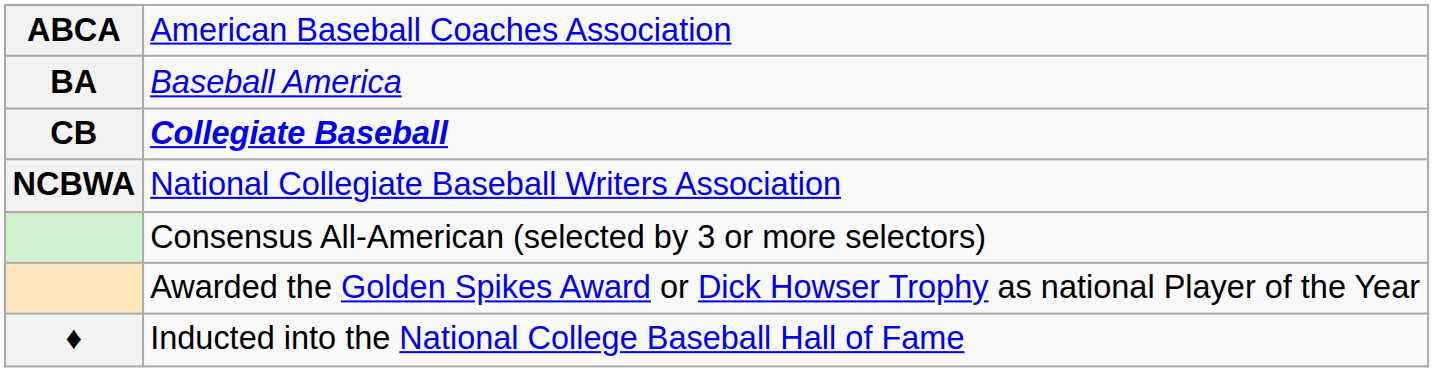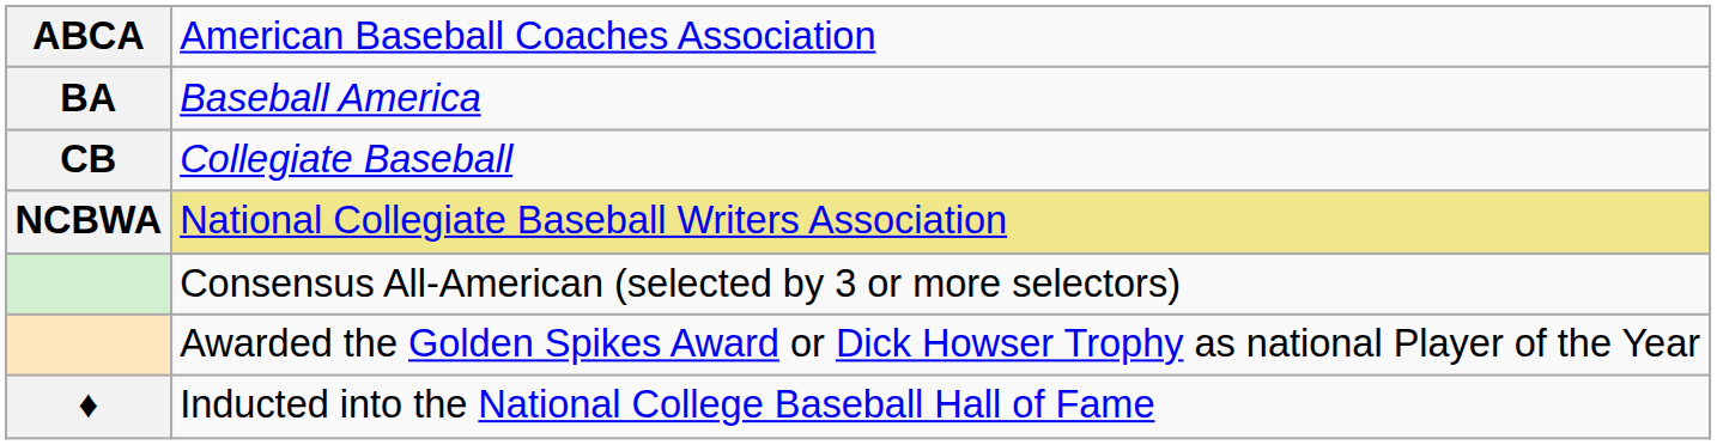 <table class="wikitable">
 <tr>
 <th scope="row" style="text-align:center">ABCA</th>
 <td><a href='#'>American Baseball Coaches Association</a></td>
 </tr>
 <tr>
 <th scope="row" style="text-align:center">BA</th>
 <td><em><a href='#'>Baseball America</a></em></td>
 </tr>
 <tr>
 <th scope="row" style="text-align:center">CB</th>
-<td><strong><em><a href='#'>Collegiate Baseball</a></em></strong></td>
+<td><em><a href='#'>Collegiate Baseball</a></em></td>
 </tr>
 <tr>
 <th scope="row" style="text-align:center">NCBWA</th>
-<td><a href='#'>National Collegiate Baseball Writers Association</a></td>
+<td style="background: khaki;"><a href='#'>National Collegiate Baseball Writers Association</a></td>
 </tr>
 <tr>
 <th scope="row" style="background:#d0f0d0;"></th>
 <td>Consensus All-American (selected by 3 or more selectors)</td>
 </tr>
 <tr>
 <th scope="row" style="background:#ffe6bd;"></th>
 <td>Awarded the <a href='#'>Golden Spikes Award</a> or <a href='#'>Dick Howser Trophy</a> as national Player of the Year</td>
 </tr>
 <tr>
 <th scope="row" style="text-align:center">♦</th>
 <td>Inducted into the <a href='#'>National College Baseball Hall of Fame</a></td>
 </tr>
 </table>
